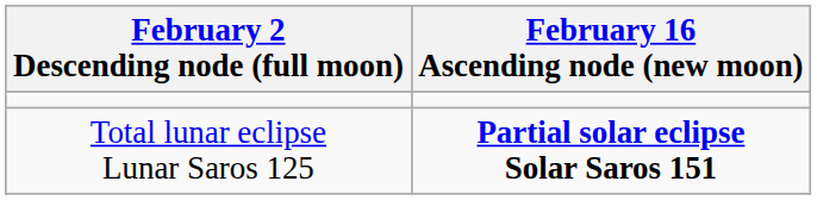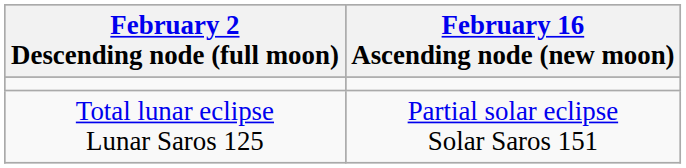 <table class="wikitable">
 <tr>
 <th><a href='#'>February 2</a><br>Descending node (full moon)<br></th>
 <th><a href='#'>February 16</a><br>Ascending node (new moon)<br></th>
 </tr>
 <tr>
 <td></td>
 <td></td>
 </tr>
 <tr align=center>
 <td><a href='#'>Total lunar eclipse</a><br>Lunar Saros 125</td>
-<td><strong><a href='#'>Partial solar eclipse</a><br>Solar Saros 151</strong></td>
+<td><a href='#'>Partial solar eclipse</a><br>Solar Saros 151</td>
 </tr>
 </table>
